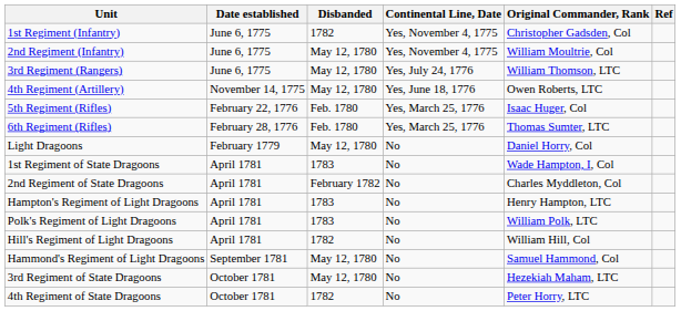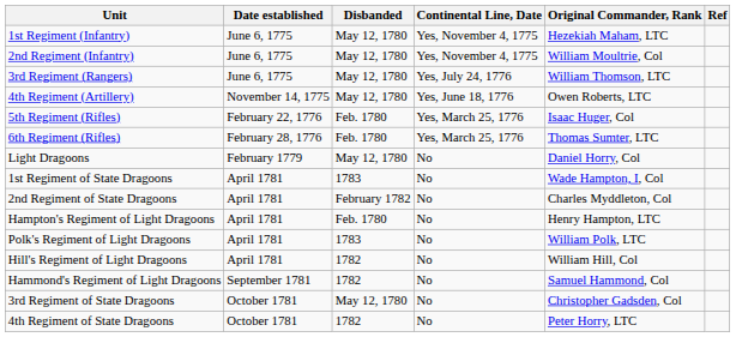 <table class="wikitable sortable">
 <tr>
 <th>Unit</th>
 <th>Date established</th>
 <th>Disbanded</th>
 <th>Continental Line, Date</th>
 <th>Original Commander, Rank</th>
 <th>Ref</th>
 </tr>
 <tr>
 <td><a href='#'>1st Regiment (Infantry)</a></td>
 <td data-sort-value="17750606">June 6, 1775</td>
-<td data-sort-value="17820000">1782</td>
+<td data-sort-value="17800512">May 12, 1780</td>
 <td>Yes, November 4, 1775</td>
-<td data-sort-value="Gadsden, Christopher]]"><a href='#'>Christopher Gadsden</a>, Col</td>
+<td data-sort-value="Maham, Hezekiah"><a href='#'>Hezekiah Maham</a>, LTC</td>
 <td align=center></td>
 </tr>
 <tr>
 <td><a href='#'>2nd Regiment (Infantry)</a></td>
 <td data-sort-value="17750606">June 6, 1775</td>
 <td data-sort-value="17800512">May 12, 1780</td>
 <td>Yes, November 4, 1775</td>
 <td data-sort-value="Moultrie, William"><a href='#'>William Moultrie</a>, Col</td>
 <td align=center></td>
 </tr>
 <tr>
 <td><a href='#'>3rd Regiment (Rangers)</a></td>
 <td data-sort-value="17750606">June 6, 1775</td>
 <td data-sort-value="17800512">May 12, 1780</td>
 <td>Yes, July 24, 1776</td>
 <td data-sort-value="Thomson, William"><a href='#'>William Thomson</a>, LTC</td>
 <td align=center></td>
 </tr>
 <tr>
 <td><a href='#'>4th Regiment (Artillery)</a></td>
 <td data-sort-value="17751114">November 14, 1775</td>
 <td data-sort-value="17800512">May 12, 1780</td>
 <td>Yes, June 18, 1776</td>
 <td data-sort-value="Roberts, Owen">Owen Roberts, LTC</td>
 <td align=center></td>
 </tr>
 <tr>
 <td><a href='#'>5th Regiment (Rifles)</a></td>
 <td data-sort-value="17760222">February 22, 1776</td>
 <td data-sort-value="17800200">Feb. 1780</td>
 <td>Yes, March 25, 1776</td>
 <td data-sort-value="Hunger, Isaac"><a href='#'>Isaac Huger</a>, Col</td>
 <td align=center></td>
 </tr>
 <tr>
 <td><a href='#'>6th Regiment (Rifles)</a></td>
 <td data-sort-value="17760228">February 28, 1776</td>
 <td data-sort-value="17800200">Feb. 1780</td>
 <td>Yes, March 25, 1776</td>
 <td data-sort-value="Sumter, Thomas"><a href='#'>Thomas Sumter</a>, LTC</td>
 <td align=center></td>
 </tr>
 <tr>
 <td>Light Dragoons</td>
 <td data-sort-value="17790200">February 1779</td>
 <td data-sort-value="17800512">May 12, 1780</td>
 <td>No</td>
 <td data-sort-value="Horry, Daniel"><a href='#'>Daniel Horry</a>, Col</td>
 <td align=center></td>
 </tr>
 <tr>
 <td>1st Regiment of State Dragoons</td>
 <td data-sort-value="17810400">April 1781</td>
 <td data-sort-value="17830000">1783</td>
 <td>No</td>
 <td data-sort-value="Hampton, Wade"><a href='#'>Wade Hampton, I</a>, Col</td>
 <td align=center></td>
 </tr>
 <tr>
 <td>2nd Regiment of State Dragoons</td>
 <td data-sort-value="17810400">April 1781</td>
 <td data-sort-value="17820200">February 1782</td>
 <td>No</td>
 <td data-sort-value="Myddleton, Charles">Charles Myddleton, Col</td>
 <td align=center></td>
 </tr>
 <tr>
 <td>Hampton's Regiment of Light Dragoons</td>
 <td data-sort-value="17810400">April 1781</td>
-<td data-sort-value="17830000">1783</td>
+<td data-sort-value="17800200">Feb. 1780</td>
 <td>No</td>
 <td data-sort-value="Hampton, Henry">Henry Hampton, LTC</td>
 <td align=center></td>
 </tr>
 <tr>
 <td>Polk's Regiment of Light Dragoons</td>
 <td data-sort-value="17810400">April 1781</td>
 <td data-sort-value="17830000">1783</td>
 <td>No</td>
 <td data-sort-value="Polk, William"><a href='#'>William Polk</a>, LTC</td>
 <td align=center></td>
 </tr>
 <tr>
 <td>Hill's Regiment of Light Dragoons</td>
 <td data-sort-value="17810400">April 1781</td>
 <td data-sort-value="17820000">1782</td>
 <td>No</td>
 <td data-sort-value="Hill, William">William Hill, Col</td>
 <td align=center></td>
 </tr>
 <tr>
 <td>Hammond's Regiment of Light Dragoons</td>
 <td data-sort-value="17810900">September 1781</td>
-<td data-sort-value="17800512">May 12, 1780</td>
+<td data-sort-value="17820000">1782</td>
 <td>No</td>
 <td data-sort-value="Hammond, Samuel"><a href='#'>Samuel Hammond</a>, Col</td>
 <td align=center></td>
 </tr>
 <tr>
 <td>3rd Regiment of State Dragoons</td>
 <td data-sort-value="17811000">October 1781</td>
 <td data-sort-value="17800512">May 12, 1780</td>
 <td>No</td>
-<td data-sort-value="Maham, Hezekiah"><a href='#'>Hezekiah Maham</a>, LTC</td>
+<td data-sort-value="Gadsden, Christopher]]"><a href='#'>Christopher Gadsden</a>, Col</td>
 <td align=center></td>
 </tr>
 <tr>
 <td>4th Regiment of State Dragoons</td>
 <td data-sort-value="17811000">October 1781</td>
 <td data-sort-value="17820000">1782</td>
 <td>No</td>
 <td data-sort-value="Horry, Peter"><a href='#'>Peter Horry</a>, LTC</td>
 <td align=center></td>
 </tr>
 </table>
